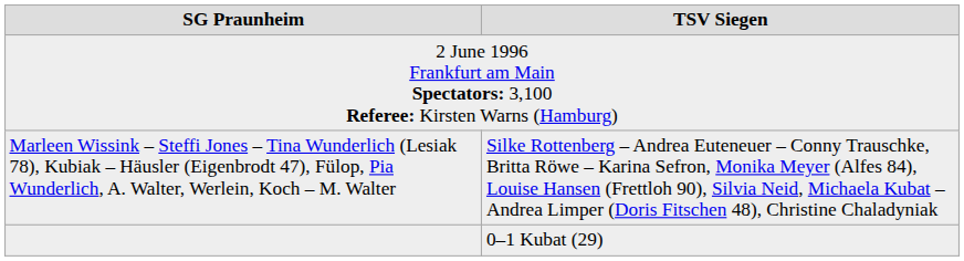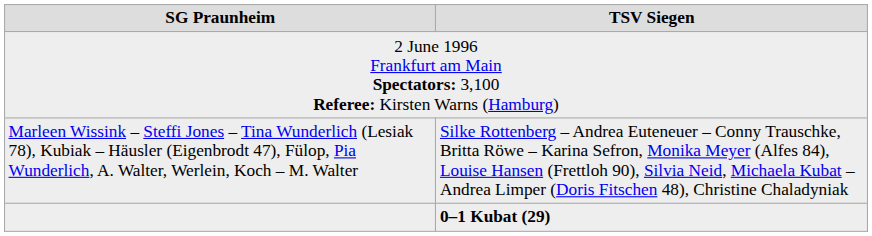 <table class="wikitable" width = "800px">
 <tr bgcolor="#DDDDDD">
 <td align="center"><strong>SG Praunheim</strong></td>
 <td align="center"><strong>TSV Siegen</strong></td>
 </tr>
 <tr bgcolor="#EEEEEE">
 <td colspan="2" align="center">2 June 1996<br> <a href='#'>Frankfurt am Main</a> <br> <strong>Spectators:</strong> 3,100 <br> <strong>Referee:</strong> Kirsten Warns (<a href='#'>Hamburg</a>)</td>
 </tr>
 <tr bgcolor="#EEEEEE">
 <td valign="top" width="400px"><a href='#'>Marleen Wissink</a> – <a href='#'>Steffi Jones</a> – <a href='#'>Tina Wunderlich</a> (Lesiak 78), Kubiak – Häusler (Eigenbrodt 47), Fülop, <a href='#'>Pia Wunderlich</a>, A. Walter, Werlein, Koch – M. Walter</td>
 <td valign="top" width="400px"><a href='#'>Silke Rottenberg</a> – Andrea Euteneuer – Conny Trauschke, Britta Röwe – Karina Sefron, <a href='#'>Monika Meyer</a> (Alfes 84), <a href='#'>Louise Hansen</a> (Frettloh 90), <a href='#'>Silvia Neid</a>, <a href='#'>Michaela Kubat</a> – Andrea Limper (<a href='#'>Doris Fitschen</a> 48), Christine Chaladyniak</td>
 </tr>
 <tr bgcolor="#EEEEEE">
 <td valign="top"></td>
-<td valign="top"> 0–1 Kubat (29)</td>
+<td valign="top"><strong> 0–1 Kubat (29)</strong></td>
 </tr>
 </table>
